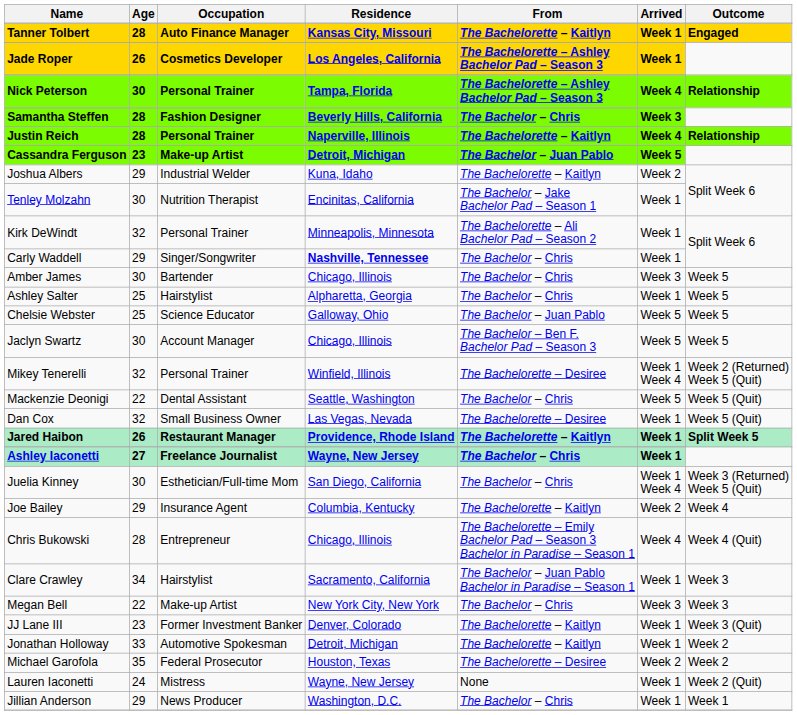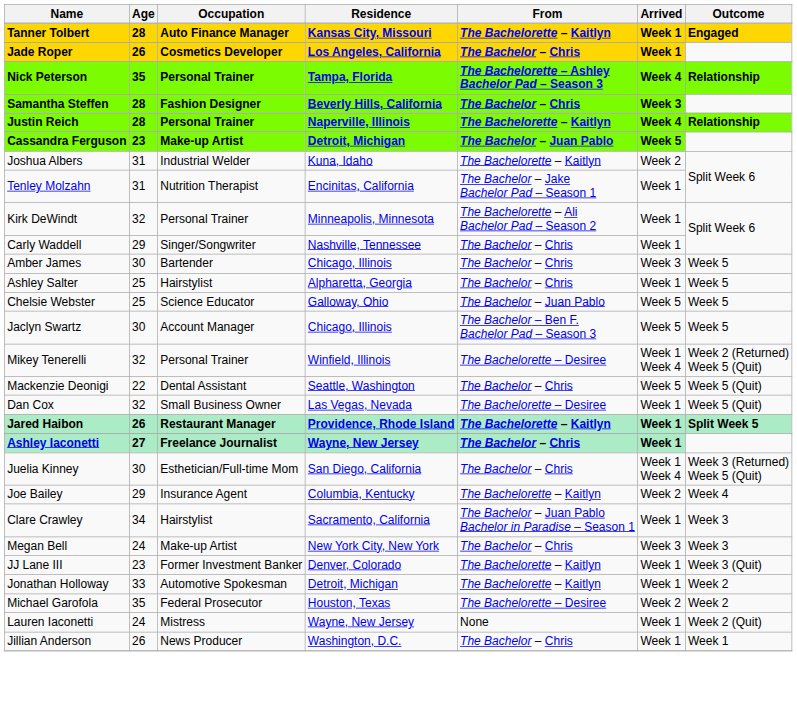 <table class="wikitable sortable" style="text-align:left;">
 <tr>
 <th>Name</th>
 <th>Age</th>
 <th>Occupation</th>
 <th>Residence</th>
 <th>From</th>
 <th>Arrived</th>
 <th>Outcome</th>
 </tr>
 <tr>
 </tr>
 <tr bgcolor="gold">
 <td><strong>Tanner Tolbert</strong></td>
 <td><strong>28</strong></td>
 <td><strong>Auto Finance Manager</strong></td>
 <td><strong><a href='#'>Kansas City, Missouri</a></strong></td>
 <td><strong><a href='#'><em>The Bachelorette</em></a> – <a href='#'>Kaitlyn</a></strong></td>
 <td><strong>Week 1</strong></td>
 <td rowspan="2"><strong>Engaged</strong></td>
 </tr>
 <tr>
 </tr>
 <tr bgcolor="gold">
 <td><strong>Jade Roper</strong></td>
 <td><strong>26</strong></td>
 <td><strong>Cosmetics Developer</strong></td>
 <td><strong><a href='#'>Los Angeles, California</a></strong></td>
-<td><strong><a href='#'><em>The Bachelorette</em> – Ashley</a><br><a href='#'><em>Bachelor Pad</em> – Season 3</a></strong></td>
+<td><strong><a href='#'><em>The Bachelor</em></a> – <a href='#'>Chris</a></strong></td>
 <td><strong>Week 1</strong></td>
 </tr>
 <tr>
 </tr>
 <tr bgcolor="#7CFC00">
 <td><strong>Nick Peterson</strong></td>
-<td><strong>30</strong></td>
+<td><strong>35</strong></td>
 <td><strong>Personal Trainer</strong></td>
 <td><strong><a href='#'>Tampa, Florida</a></strong></td>
 <td><strong><a href='#'><em>The Bachelorette</em> – Ashley</a><br><a href='#'><em>Bachelor Pad</em> – Season 3</a></strong></td>
 <td><strong>Week 4</strong></td>
 <td rowspan="2"><strong>Relationship</strong></td>
 </tr>
 <tr>
 </tr>
 <tr bgcolor="#7CFC00">
 <td><strong>Samantha Steffen</strong></td>
 <td><strong>28</strong></td>
 <td><strong>Fashion Designer</strong></td>
 <td><strong><a href='#'>Beverly Hills, California</a></strong></td>
 <td><strong><a href='#'><em>The Bachelor</em></a> – <a href='#'>Chris</a></strong></td>
 <td><strong>Week 3</strong></td>
 </tr>
 <tr>
 </tr>
 <tr bgcolor="#7CFC00">
 <td><strong>Justin Reich</strong></td>
 <td><strong>28</strong></td>
 <td><strong>Personal Trainer</strong></td>
 <td><strong><a href='#'>Naperville, Illinois</a></strong></td>
 <td><strong><a href='#'><em>The Bachelorette</em></a> – <a href='#'>Kaitlyn</a></strong></td>
 <td><strong>Week 4</strong></td>
 <td rowspan="2"><strong>Relationship</strong></td>
 </tr>
 <tr>
 </tr>
 <tr bgcolor="#7CFC00">
 <td><strong>Cassandra Ferguson</strong></td>
 <td><strong>23</strong></td>
 <td><strong>Make-up Artist</strong></td>
 <td><strong><a href='#'>Detroit, Michigan</a></strong></td>
 <td><strong><a href='#'><em>The Bachelor</em></a> – <a href='#'>Juan Pablo</a></strong></td>
 <td><strong>Week 5</strong></td>
 </tr>
 <tr>
 <td>Joshua Albers</td>
-<td>29</td>
+<td>31</td>
 <td>Industrial Welder</td>
 <td><a href='#'>Kuna, Idaho</a></td>
 <td><a href='#'><em>The Bachelorette</em></a> – <a href='#'>Kaitlyn</a></td>
 <td>Week 2</td>
 <td rowspan="2">Split Week 6</td>
 </tr>
 <tr>
 <td><a href='#'>Tenley Molzahn</a></td>
-<td>30</td>
+<td>31</td>
 <td>Nutrition Therapist</td>
 <td><a href='#'>Encinitas, California</a></td>
 <td><a href='#'><em>The Bachelor</em></a> – <a href='#'>Jake</a><br><a href='#'><em>Bachelor Pad</em> – Season 1</a></td>
 <td>Week 1</td>
 </tr>
 <tr>
 <td>Kirk DeWindt</td>
 <td>32</td>
 <td>Personal Trainer</td>
 <td><a href='#'>Minneapolis, Minnesota</a></td>
 <td><a href='#'><em>The Bachelorette</em></a> – <a href='#'>Ali</a><br><a href='#'><em>Bachelor Pad</em> – Season 2</a></td>
 <td>Week 1</td>
 <td rowspan="2">Split Week 6</td>
 </tr>
 <tr>
 <td>Carly Waddell</td>
 <td>29</td>
 <td>Singer/Songwriter</td>
-<td><strong><a href='#'>Nashville, Tennessee</a></strong></td>
+<td><a href='#'>Nashville, Tennessee</a></td>
 <td><a href='#'><em>The Bachelor</em></a> – <a href='#'>Chris</a></td>
 <td>Week 1</td>
 </tr>
 <tr>
 <td>Amber James</td>
 <td>30</td>
 <td>Bartender</td>
 <td><a href='#'>Chicago, Illinois</a></td>
 <td><a href='#'><em>The Bachelor</em></a> – <a href='#'>Chris</a></td>
 <td>Week 3</td>
 <td>Week 5</td>
 </tr>
 <tr>
 <td>Ashley Salter</td>
 <td>25</td>
 <td>Hairstylist</td>
 <td><a href='#'>Alpharetta, Georgia</a></td>
 <td><a href='#'><em>The Bachelor</em></a> – <a href='#'>Chris</a></td>
 <td>Week 1</td>
 <td>Week 5</td>
 </tr>
 <tr>
 <td>Chelsie Webster</td>
 <td>25</td>
 <td>Science Educator</td>
 <td><a href='#'>Galloway, Ohio</a></td>
 <td><a href='#'><em>The Bachelor</em></a> – <a href='#'>Juan Pablo</a></td>
 <td>Week 5</td>
 <td>Week 5</td>
 </tr>
 <tr>
 <td>Jaclyn Swartz</td>
 <td>30</td>
 <td>Account Manager</td>
 <td><a href='#'>Chicago, Illinois</a></td>
 <td><a href='#'><em>The Bachelor</em> – Ben F.</a><br><a href='#'><em>Bachelor Pad</em> – Season 3</a></td>
 <td>Week 5</td>
 <td>Week 5</td>
 </tr>
 <tr>
 <td>Mikey Tenerelli</td>
 <td>32</td>
 <td>Personal Trainer</td>
 <td><a href='#'>Winfield, Illinois</a></td>
 <td><a href='#'><em>The Bachelorette</em> – Desiree</a></td>
 <td>Week 1<br>Week 4</td>
 <td>Week 2 (Returned)<br>Week 5 (Quit)</td>
 </tr>
 <tr>
 <td>Mackenzie Deonigi</td>
 <td>22</td>
 <td>Dental Assistant</td>
 <td><a href='#'>Seattle, Washington</a></td>
 <td><a href='#'><em>The Bachelor</em></a> – <a href='#'>Chris</a></td>
 <td>Week 5</td>
 <td>Week 5 (Quit)</td>
 </tr>
 <tr>
 <td>Dan Cox</td>
 <td>32</td>
 <td>Small Business Owner</td>
 <td><a href='#'>Las Vegas, Nevada</a></td>
 <td><a href='#'><em>The Bachelorette</em> – Desiree</a></td>
 <td>Week 1</td>
 <td>Week 5 (Quit)</td>
 </tr>
 <tr bgcolor="#ABEBC6">
 <td><strong>Jared Haibon</strong></td>
 <td><strong>26</strong></td>
 <td><strong>Restaurant Manager</strong></td>
 <td><strong><a href='#'>Providence, Rhode Island</a></strong></td>
 <td><strong><a href='#'><em>The Bachelorette</em></a> – <a href='#'>Kaitlyn</a></strong></td>
 <td><strong>Week 1</strong></td>
 <td rowspan="2"><strong>Split Week 5</strong></td>
 </tr>
 <tr>
 </tr>
 <tr bgcolor="#ABEBC6">
 <td><strong><a href='#'>Ashley Iaconetti</a></strong></td>
 <td><strong>27</strong></td>
 <td><strong>Freelance Journalist</strong></td>
 <td><strong><a href='#'>Wayne, New Jersey</a></strong></td>
 <td><strong><a href='#'><em>The Bachelor</em></a> – <a href='#'>Chris</a></strong></td>
 <td><strong>Week 1</strong></td>
 </tr>
 <tr>
 <td>Juelia Kinney</td>
 <td>30</td>
 <td>Esthetician/Full-time Mom</td>
 <td><a href='#'>San Diego, California</a></td>
 <td><a href='#'><em>The Bachelor</em></a> – <a href='#'>Chris</a></td>
 <td>Week 1<br>Week 4</td>
 <td>Week 3 (Returned)<br>Week 5 (Quit)</td>
 </tr>
 <tr>
 <td>Joe Bailey</td>
 <td>29</td>
 <td>Insurance Agent</td>
 <td><a href='#'>Columbia, Kentucky</a></td>
 <td><a href='#'><em>The Bachelorette</em></a> – <a href='#'>Kaitlyn</a></td>
 <td>Week 2</td>
 <td>Week 4</td>
 </tr>
 <tr>
-<td>Chris Bukowski</td>
-<td>28</td>
-<td>Entrepreneur</td>
-<td><a href='#'>Chicago, Illinois</a></td>
-<td><a href='#'><em>The Bachelorette</em> – Emily</a><br><a href='#'><em>Bachelor Pad</em> – Season 3</a><br><a href='#'><em>Bachelor in Paradise</em> – Season 1</a></td>
-<td>Week 4</td>
-<td>Week 4 (Quit)</td>
-</tr>
-<tr>
 <td>Clare Crawley</td>
 <td>34</td>
 <td>Hairstylist</td>
 <td><a href='#'>Sacramento, California</a></td>
 <td><a href='#'><em>The Bachelor</em></a> – <a href='#'>Juan Pablo</a><br><a href='#'><em>Bachelor in Paradise</em> – Season 1</a></td>
 <td>Week 1</td>
 <td>Week 3</td>
 </tr>
 <tr>
 <td>Megan Bell</td>
-<td>22</td>
+<td>24</td>
 <td>Make-up Artist</td>
 <td><a href='#'>New York City, New York</a></td>
 <td><a href='#'><em>The Bachelor</em></a> – <a href='#'>Chris</a></td>
 <td>Week 3</td>
 <td>Week 3</td>
 </tr>
 <tr>
 <td>JJ Lane III</td>
 <td>23</td>
 <td>Former Investment Banker</td>
 <td><a href='#'>Denver, Colorado</a></td>
 <td><a href='#'><em>The Bachelorette</em></a> – <a href='#'>Kaitlyn</a></td>
 <td>Week 1</td>
 <td>Week 3 (Quit)</td>
 </tr>
 <tr>
 <td>Jonathan Holloway</td>
 <td>33</td>
 <td>Automotive Spokesman</td>
 <td><a href='#'>Detroit, Michigan</a></td>
 <td><a href='#'><em>The Bachelorette</em></a> – <a href='#'>Kaitlyn</a></td>
 <td>Week 1</td>
 <td>Week 2</td>
 </tr>
 <tr>
 <td>Michael Garofola</td>
 <td>35</td>
 <td>Federal Prosecutor</td>
 <td><a href='#'>Houston, Texas</a></td>
 <td><a href='#'><em>The Bachelorette</em> – Desiree</a></td>
 <td>Week 2</td>
 <td>Week 2</td>
 </tr>
 <tr>
 <td>Lauren Iaconetti</td>
 <td>24</td>
 <td>Mistress</td>
 <td><a href='#'>Wayne, New Jersey</a></td>
 <td>None</td>
 <td>Week 1</td>
 <td>Week 2 (Quit)</td>
 </tr>
 <tr>
 <td>Jillian Anderson</td>
-<td>29</td>
+<td>26</td>
 <td>News Producer</td>
 <td><a href='#'>Washington, D.C.</a></td>
 <td><a href='#'><em>The Bachelor</em></a> – <a href='#'>Chris</a></td>
 <td>Week 1</td>
 <td>Week 1</td>
 </tr>
 <tr>
 </tr>
 </table>
